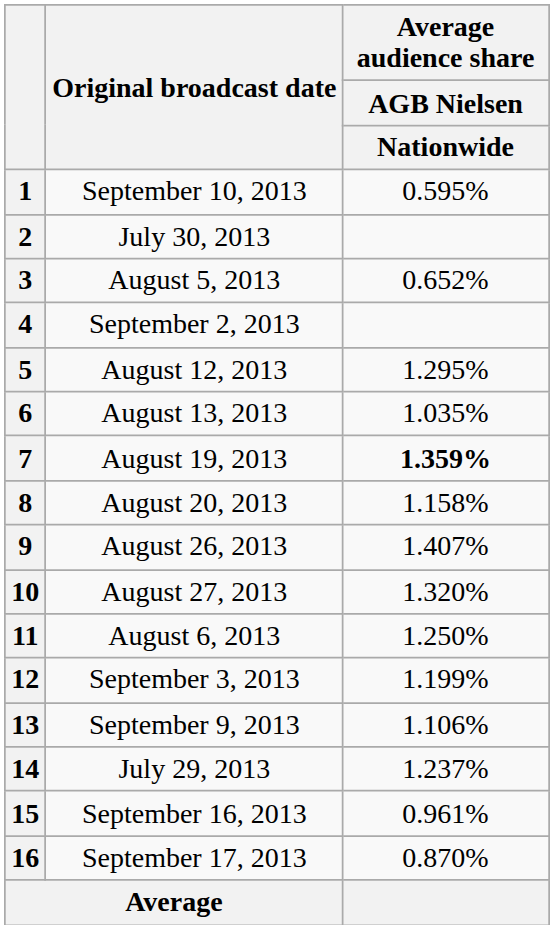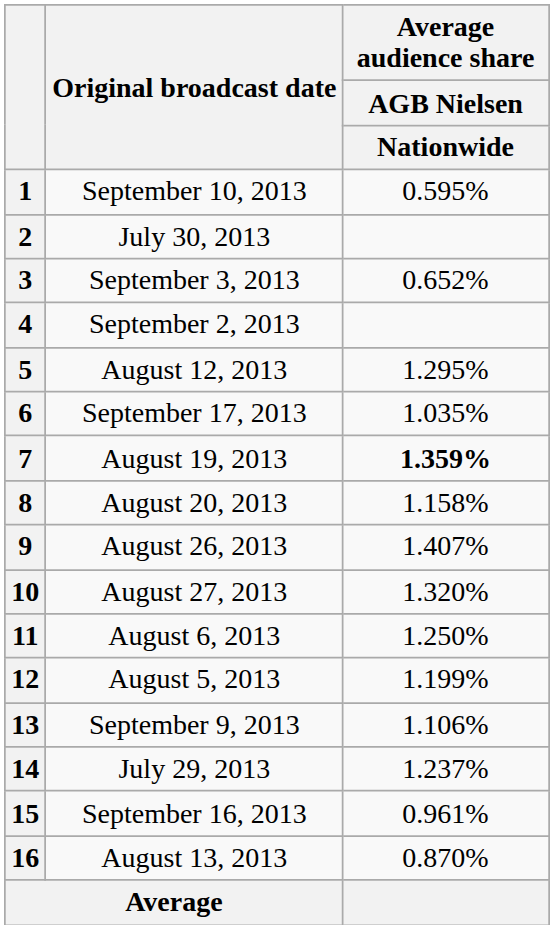 <table class="wikitable" style="text-align:center">
 <tr>
 <th rowspan="3"></th>
 <th rowspan="3">Original broadcast date</th>
 <th width="110">Average audience share</th>
 </tr>
 <tr>
 <th>AGB Nielsen</th>
 </tr>
 <tr>
 <th>Nationwide</th>
 </tr>
 <tr>
 <th>1</th>
 <td>September 10, 2013</td>
 <td>0.595%</td>
 </tr>
 <tr>
 <th>2</th>
 <td>July 30, 2013</td>
 <td></td>
 </tr>
 <tr>
 <th>3</th>
-<td>August 5, 2013</td>
+<td>September 3, 2013</td>
 <td>0.652%</td>
 </tr>
 <tr>
 <th>4</th>
 <td>September 2, 2013</td>
 <td></td>
 </tr>
 <tr>
 <th>5</th>
 <td>August 12, 2013</td>
 <td>1.295%</td>
 </tr>
 <tr>
 <th>6</th>
-<td>August 13, 2013</td>
+<td>September 17, 2013</td>
 <td>1.035%</td>
 </tr>
 <tr>
 <th>7</th>
 <td>August 19, 2013</td>
 <td><strong>1.359%</strong></td>
 </tr>
 <tr>
 <th>8</th>
 <td>August 20, 2013</td>
 <td>1.158%</td>
 </tr>
 <tr>
 <th>9</th>
 <td>August 26, 2013</td>
 <td>1.407%</td>
 </tr>
 <tr>
 <th>10</th>
 <td>August 27, 2013</td>
 <td>1.320%</td>
 </tr>
 <tr>
 <th>11</th>
 <td>August 6, 2013</td>
 <td>1.250%</td>
 </tr>
 <tr>
 <th>12</th>
-<td>September 3, 2013</td>
+<td>August 5, 2013</td>
 <td>1.199%</td>
 </tr>
 <tr>
 <th>13</th>
 <td>September 9, 2013</td>
 <td>1.106%</td>
 </tr>
 <tr>
 <th>14</th>
 <td>July 29, 2013</td>
 <td>1.237%</td>
 </tr>
 <tr>
 <th>15</th>
 <td>September 16, 2013</td>
 <td>0.961%</td>
 </tr>
 <tr>
 <th>16</th>
-<td>September 17, 2013</td>
+<td>August 13, 2013</td>
 <td>0.870%</td>
 </tr>
 <tr>
 <th colspan="2">Average</th>
 <th></th>
 </tr>
 </table>
